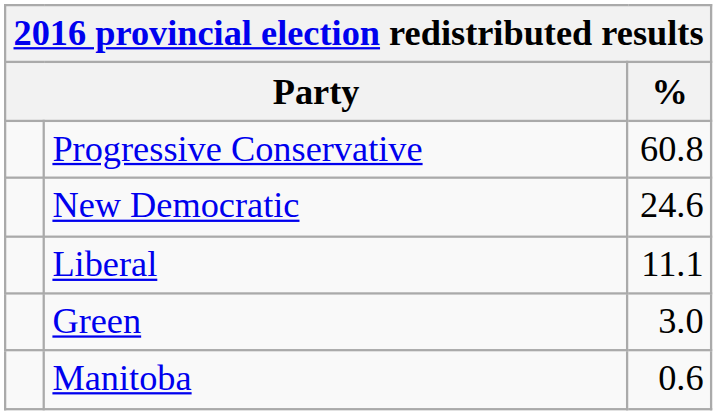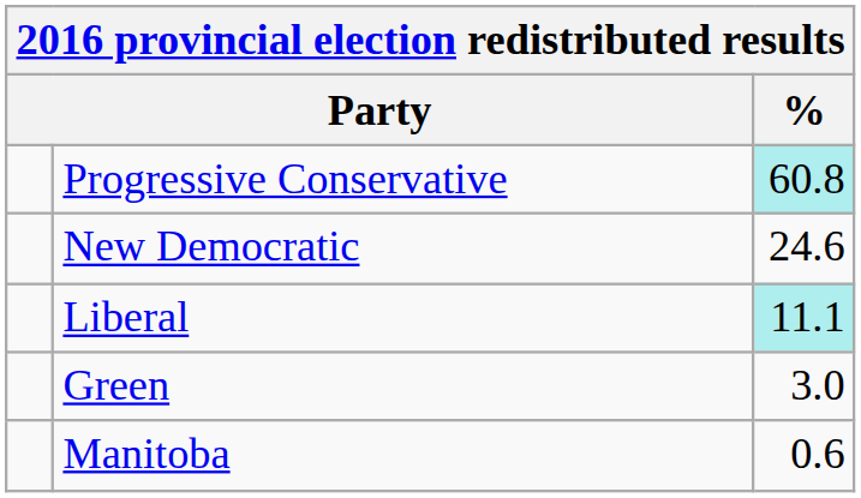 <table class="wikitable">
 <tr>
 <th colspan="4"><a href='#'>2016 provincial election</a> redistributed results</th>
 </tr>
 <tr>
 <th bgcolor="#DDDDFF" width="130px" colspan="2">Party</th>
 <th bgcolor="#DDDDFF" width="30px">%</th>
 </tr>
 <tr>
 <td> </td>
 <td><a href='#'>Progressive Conservative</a></td>
-<td align=right>60.8</td>
+<td align=right style="background: paleturquoise;">60.8</td>
 </tr>
 <tr>
 <td> </td>
 <td><a href='#'>New Democratic</a></td>
 <td align=right>24.6</td>
 </tr>
 <tr>
 <td> </td>
 <td><a href='#'>Liberal</a></td>
-<td align=right>11.1</td>
+<td align=right style="background: paleturquoise;">11.1</td>
 </tr>
 <tr>
 <td> </td>
 <td><a href='#'>Green</a></td>
 <td align=right>3.0</td>
 </tr>
 <tr>
 <td> </td>
 <td><a href='#'>Manitoba</a></td>
 <td align=right>0.6</td>
 </tr>
 </table>
